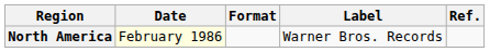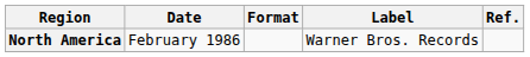 <table class="wikitable plainrowheaders">
 <tr>
 <th scope="col">Region</th>
 <th scope="col">Date</th>
 <th scope="col">Format</th>
 <th scope="col">Label</th>
 <th scope="col">Ref.</th>
 </tr>
 <tr>
 <th scope="row">North America</th>
-<td style="background: lightyellow;">February 1986</td>
+<td>February 1986</td>
 <td></td>
 <td>Warner Bros. Records</td>
 <td></td>
 </tr>
 <tr>
 </tr>
 </table>
